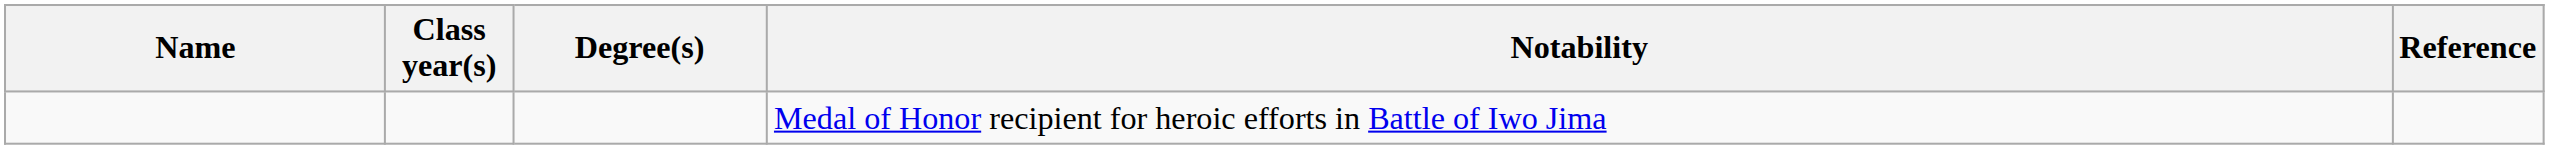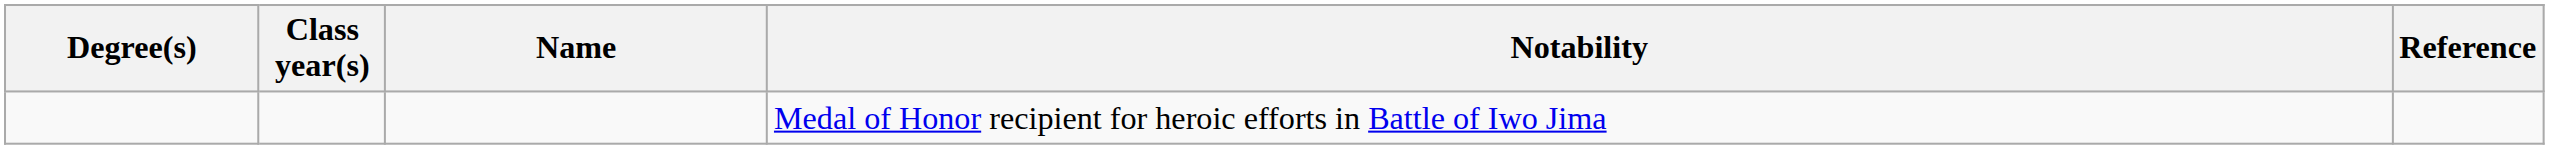 <table class="wikitable sortable" style="width:100%">
 <tr>
+<th width="10%">Degree(s)</th>
+<th width="5%">Class year(s)</th>
 <th width="15%">Name</th>
-<th width="5%">Class year(s)</th>
-<th width="10%">Degree(s)</th>
 <th width="*" class="unsortable">Notability</th>
 <th width="5%" class="unsortable">Reference</th>
 </tr>
 <tr>
 <td></td>
 <td align="center"></td>
 <td></td>
 <td><a href='#'>Medal of Honor</a> recipient for heroic efforts in <a href='#'>Battle of Iwo Jima</a></td>
 <td align="center"></td>
 </tr>
 </table>
